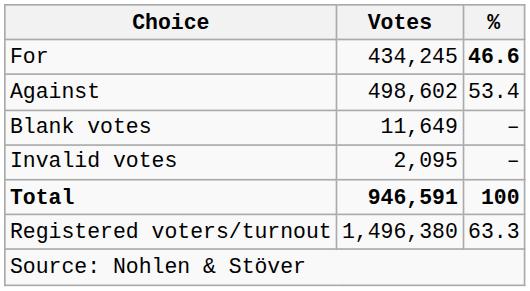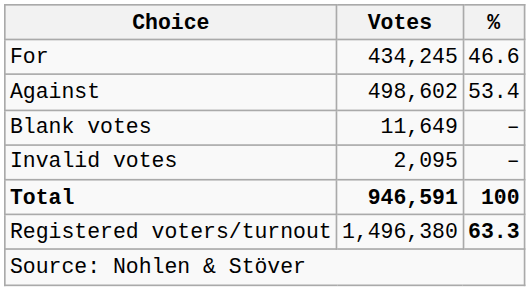 <table class=wikitable style=text-align:right>
 <tr>
 <th>Choice</th>
 <th>Votes</th>
 <th>%</th>
 </tr>
 <tr>
 <td align=left>For</td>
 <td>434,245</td>
-<td><strong>46.6</strong></td>
+<td>46.6</td>
 </tr>
 <tr>
 <td align=left>Against</td>
 <td>498,602</td>
 <td>53.4</td>
 </tr>
 <tr>
 <td align=left>Blank votes</td>
 <td>11,649</td>
 <td>–</td>
 </tr>
 <tr>
 <td align=left>Invalid votes</td>
 <td>2,095</td>
 <td>–</td>
 </tr>
 <tr>
 <td align=left><strong>Total</strong></td>
 <td><strong>946,591</strong></td>
 <td><strong>100</strong></td>
 </tr>
 <tr>
 <td align=left>Registered voters/turnout</td>
 <td>1,496,380</td>
-<td>63.3</td>
+<td><strong>63.3</strong></td>
 </tr>
 <tr>
 <td align=left colspan=3>Source: Nohlen & Stöver</td>
 </tr>
 </table>
